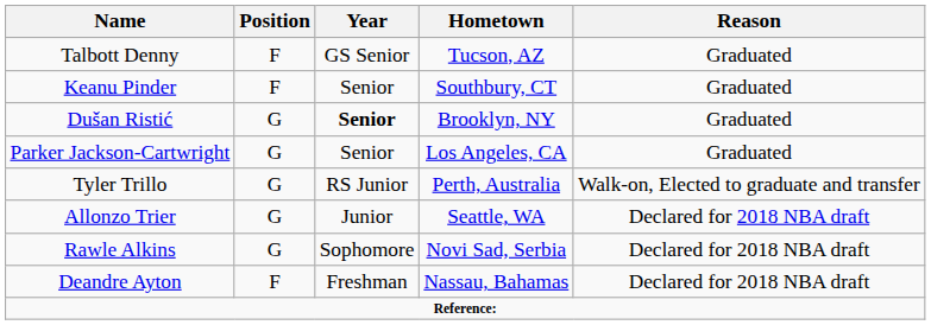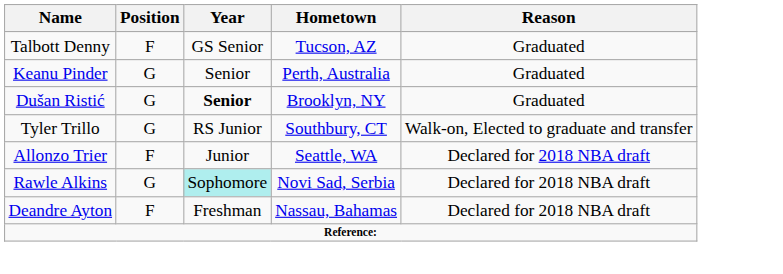 <table class="wikitable" style="text-align: center">
 <tr align=center>
 <th>Name</th>
 <th>Position</th>
 <th>Year</th>
 <th>Hometown</th>
 <th>Reason</th>
 </tr>
 <tr>
 <td>Talbott Denny</td>
 <td>F</td>
 <td>GS Senior</td>
 <td><a href='#'>Tucson, AZ</a></td>
 <td>Graduated</td>
 </tr>
 <tr>
 <td><a href='#'>Keanu Pinder</a></td>
-<td>F</td>
+<td>G</td>
 <td>Senior</td>
-<td><a href='#'>Southbury, CT</a></td>
+<td><a href='#'>Perth, Australia</a></td>
 <td>Graduated</td>
 </tr>
 <tr>
 <td><a href='#'>Dušan Ristić</a></td>
 <td>G</td>
 <td><strong>Senior</strong></td>
 <td><a href='#'>Brooklyn, NY</a></td>
 <td>Graduated</td>
 </tr>
 <tr>
-<td><a href='#'>Parker Jackson-Cartwright</a></td>
-<td>G</td>
-<td>Senior</td>
-<td><a href='#'>Los Angeles, CA</a></td>
-<td>Graduated</td>
-</tr>
-<tr>
 <td>Tyler Trillo</td>
 <td>G</td>
 <td>RS Junior</td>
-<td><a href='#'>Perth, Australia</a></td>
+<td><a href='#'>Southbury, CT</a></td>
 <td>Walk-on, Elected to graduate and transfer</td>
 </tr>
 <tr>
 <td><a href='#'>Allonzo Trier</a></td>
-<td>G</td>
+<td>F</td>
 <td>Junior</td>
 <td><a href='#'>Seattle, WA</a></td>
 <td>Declared for <a href='#'>2018 NBA draft</a></td>
 </tr>
 <tr>
 <td><a href='#'>Rawle Alkins</a></td>
 <td>G</td>
-<td>Sophomore</td>
+<td style="background: paleturquoise;">Sophomore</td>
 <td><a href='#'>Novi Sad, Serbia</a></td>
 <td>Declared for 2018 NBA draft</td>
 </tr>
 <tr>
 <td><a href='#'>Deandre Ayton</a></td>
 <td>F</td>
 <td>Freshman</td>
 <td><a href='#'>Nassau, Bahamas</a></td>
 <td>Declared for 2018 NBA draft</td>
 </tr>
 <tr>
 <td colspan="5" style="font-size:8pt; text-align:center;"><strong>Reference:</strong></td>
 </tr>
 </table>
